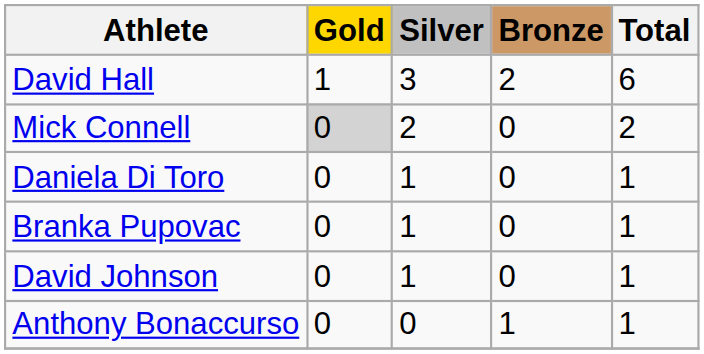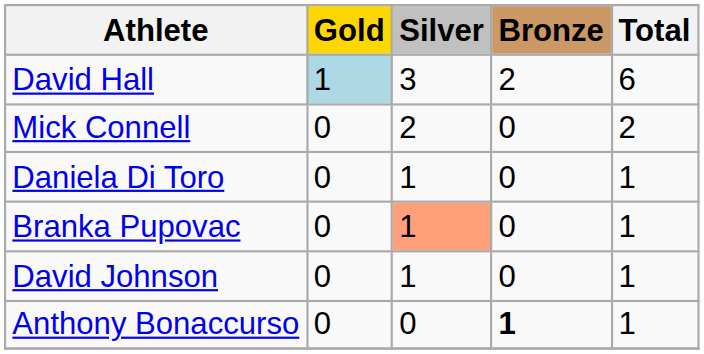 <table class="wikitable sortable" style="font-size:90%">
 <tr>
 <th>Athlete</th>
 <td align=center bgcolor="gold"><strong>Gold</strong></td>
 <td align=center bgcolor="silver"><strong>Silver</strong></td>
 <td align=center bgcolor="CC9966"><strong>Bronze</strong></td>
 <th>Total</th>
 </tr>
 <tr>
 <td><a href='#'>David Hall</a></td>
-<td>1</td>
+<td style="background: lightblue;">1</td>
 <td>3</td>
 <td>2</td>
 <td>6</td>
 </tr>
 <tr>
 <td><a href='#'>Mick Connell</a></td>
-<td style="background: lightgrey;">0</td>
+<td>0</td>
 <td>2</td>
 <td>0</td>
 <td>2</td>
 </tr>
 <tr>
 <td><a href='#'>Daniela Di Toro</a></td>
 <td>0</td>
 <td>1</td>
 <td>0</td>
 <td>1</td>
 </tr>
 <tr>
 <td><a href='#'>Branka Pupovac</a></td>
 <td>0</td>
-<td>1</td>
+<td style="background: lightsalmon;">1</td>
 <td>0</td>
 <td>1</td>
 </tr>
 <tr>
 <td><a href='#'>David Johnson</a></td>
 <td>0</td>
 <td>1</td>
 <td>0</td>
 <td>1</td>
 </tr>
 <tr>
 <td><a href='#'>Anthony Bonaccurso</a></td>
 <td>0</td>
 <td>0</td>
-<td>1</td>
+<td><strong>1</strong></td>
 <td>1</td>
 </tr>
 <tr>
 </tr>
 </table>
